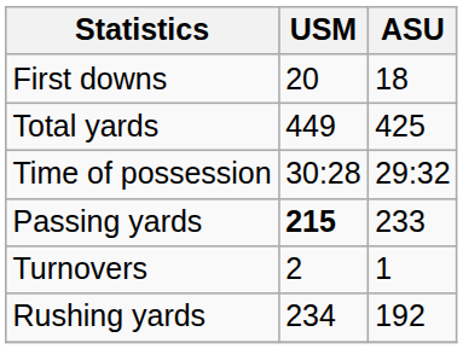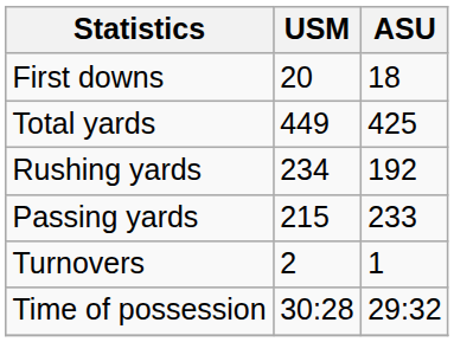 <table class="wikitable" style="float: left;">
 <tr>
 <th>Statistics</th>
 <th>USM</th>
 <th>ASU</th>
 </tr>
 <tr>
 <td>First downs</td>
 <td>20</td>
 <td>18</td>
 </tr>
 <tr>
 <td>Total yards</td>
 <td>449</td>
 <td>425</td>
 </tr>
 <tr>
-<td>Time of possession</td>
-<td>30:28</td>
-<td>29:32</td>
+<td>Rushing yards</td>
+<td>234</td>
+<td>192</td>
 </tr>
 <tr>
 <td>Passing yards</td>
-<td><strong>215</strong></td>
+<td>215</td>
 <td>233</td>
 </tr>
 <tr>
 <td>Turnovers</td>
 <td>2</td>
 <td>1</td>
 </tr>
 <tr>
-<td>Rushing yards</td>
-<td>234</td>
-<td>192</td>
+<td>Time of possession</td>
+<td>30:28</td>
+<td>29:32</td>
 </tr>
 <tr>
 </tr>
 </table>
